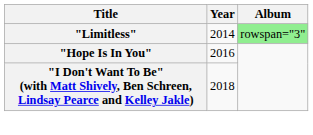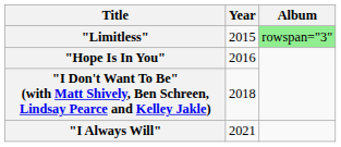 <table class="wikitable plainrowheaders" style="text-align:center">
 <tr>
 <th scope="col" style="width:16em;">Title</th>
 <th scope="col">Year</th>
 <th scope="col">Album</th>
 </tr>
 <tr>
 <th scope="row">"Limitless"</th>
-<td>2014</td>
+<td>2015</td>
 <td style="background: lightgreen;">rowspan="3" </td>
 </tr>
 <tr>
 <th scope="row">"Hope Is In You"</th>
 <td>2016</td>
 </tr>
 <tr>
 <th scope="row">"I Don't Want To Be"<br>(with <a href='#'>Matt Shively</a>, Ben Schreen, <a href='#'>Lindsay Pearce</a> and <a href='#'>Kelley Jakle</a>)</th>
 <td>2018</td>
 </tr>
+<tr>
+<th scope="row">"I Always Will"</th>
+<td>2021</td>
+<td></td>
+</tr>
 </table>
